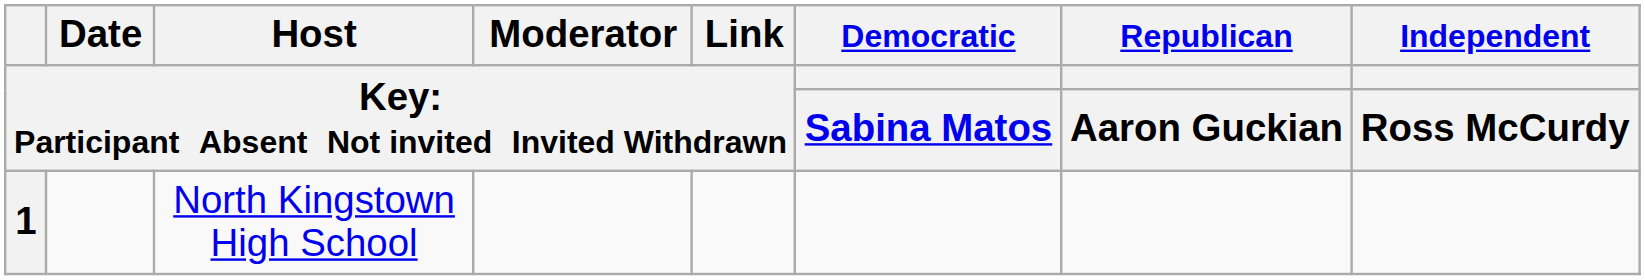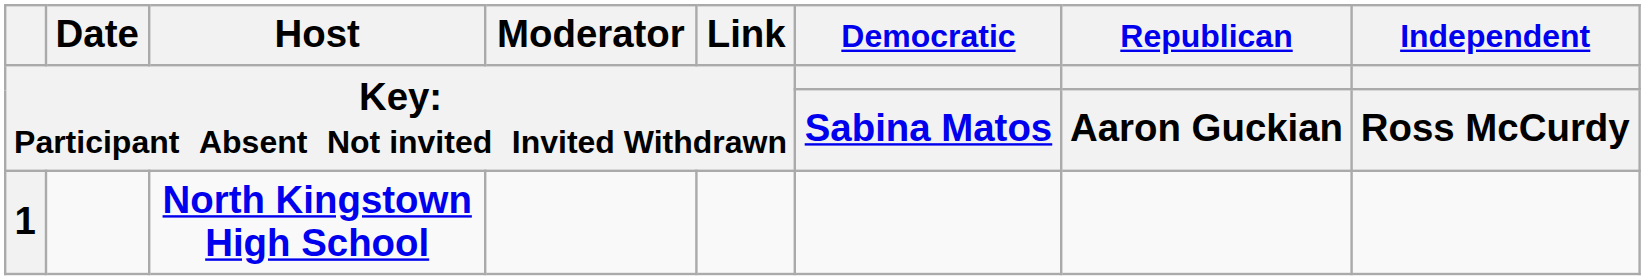 <table class="wikitable" style="text-align:center;">
 <tr>
 <th scope="col"></th>
 <th scope="col">Date</th>
 <th scope="col">Host</th>
 <th scope="col">Moderator</th>
 <th scope="col">Link</th>
 <th scope="col"><small><a href='#'>Democratic</a></small></th>
 <th scope="col"><small><a href='#'>Republican</a></small></th>
 <th scope="col"><small><a href='#'>Independent</a></small></th>
 </tr>
 <tr>
 <th colspan="5" rowspan="2">Key:<br> <small>Participant </small>  <small>Absent </small>  <small>Not invited </small>  <small>Invited  Withdrawn</small></th>
 <th scope="col" style="background:"></th>
 <th scope="col" style="background:"></th>
 <th scope="col" style="background:"></th>
 </tr>
 <tr>
 <th scope="col"><a href='#'>Sabina Matos</a></th>
 <th scope="col">Aaron Guckian</th>
 <th scope="col">Ross McCurdy</th>
 </tr>
 <tr>
 <th>1</th>
 <td style="white-space:nowrap;"></td>
-<td style="white-space:nowrap;"><a href='#'>North Kingstown</a><br><a href='#'>High School</a></td>
+<td style="white-space:nowrap;"><strong><a href='#'>North Kingstown</a><br><a href='#'>High School</a></strong></td>
 <td style="white-space:nowrap;"></td>
 <td style="white-space:nowrap;"></td>
 <td></td>
 <td></td>
 <td></td>
 </tr>
 </table>
